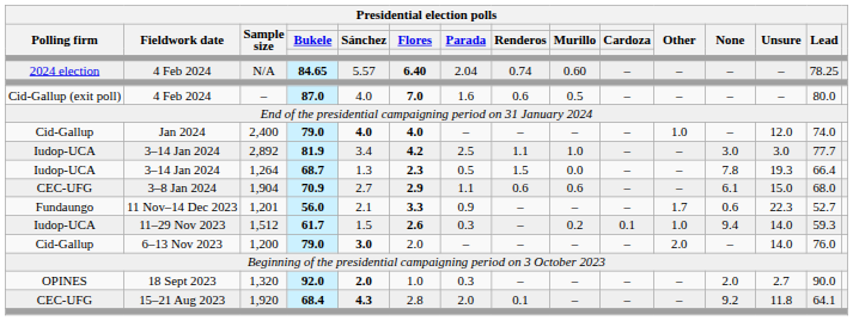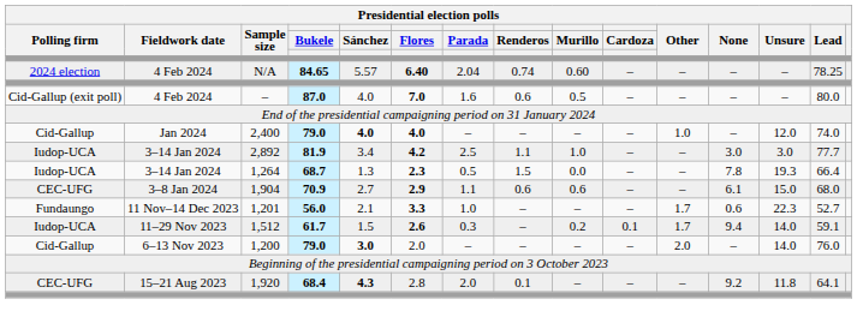 <table class="wikitable" style="text-align:center;font-size:90%;line-height:14px">
 <tr>
 <th colspan="15">Presidential election polls</th>
 </tr>
 <tr>
 <th rowspan="3">Polling firm</th>
 <th rowspan="3">Fieldwork date</th>
 <th rowspan="3">Sample<br>size</th>
 <th style="width:50px;"></th>
 <th style="width:50px;"></th>
 <th style="width:50px;"></th>
 <th style="width:50px;"></th>
 <th style="width:50px;"></th>
 <th style="width:50px;"></th>
 <th style="width:50px;"></th>
 <th style="width:50px;" rowspan="3">Other</th>
 <th style="width:50px;" rowspan="3">None</th>
 <th style="width:50px;" rowspan="3">Unsure</th>
 <th style="width:30px;" rowspan="3">Lead</th>
 <th rowspan="3"></th>
 </tr>
 <tr>
 <th style="width:50px;"><a href='#'>Bukele</a><br></th>
 <th style="width:50px;">Sánchez<br></th>
 <th style="width:50px;"><a href='#'>Flores</a><br></th>
 <th style="width:50px;"><a href='#'>Parada</a><br></th>
 <th style="width:50px;">Renderos<br></th>
 <th style="width:50px;">Murillo<br></th>
 <th style="width:50px;">Cardoza<br></th>
 </tr>
 <tr>
 <th style="color:inherit;background:"></th>
 <th style="color:inherit;background:"></th>
 <th style="color:inherit;background:"></th>
 <th style="color:inherit;background:"></th>
 <th style="color:inherit;background:"></th>
 <th style="color:inherit;background:"></th>
 <th style="color:inherit;background:"></th>
 </tr>
 <tr>
 <td colspan="15" style="background:#A0A0A0"></td>
 </tr>
 <tr style="background:#EFEFEF;">
 <td><a href='#'>2024 election</a></td>
 <td>4 Feb 2024</td>
 <td>N/A</td>
 <td style="background:#CCF1FF;"><strong>84.65</strong></td>
 <td>5.57</td>
 <td><strong>6.40</strong></td>
 <td>2.04</td>
 <td>0.74</td>
 <td>0.60</td>
 <td>–</td>
 <td>–</td>
 <td>–</td>
 <td>–</td>
 <td style="background:">78.25</td>
 <td></td>
 </tr>
 <tr>
 <td colspan="15" style="background:#A0A0A0"></td>
 </tr>
 <tr>
 <td>Cid-Gallup (exit poll)</td>
 <td>4 Feb 2024</td>
 <td>–</td>
 <td style="background:#CCF1FF;"><strong>87.0</strong></td>
 <td>4.0</td>
 <td><strong>7.0</strong></td>
 <td>1.6</td>
 <td>0.6</td>
 <td>0.5</td>
 <td>–</td>
 <td>–</td>
 <td>–</td>
 <td>–</td>
 <td style="background:">80.0</td>
 <td></td>
 </tr>
 <tr style="background:#EFEFEF;">
 <td colspan="15"><em>End of the presidential campaigning period on 31 January 2024</em></td>
 </tr>
 <tr>
 <td>Cid-Gallup</td>
 <td>Jan 2024</td>
 <td>2,400</td>
 <td style="background:#CCF1FF;"><strong>79.0</strong></td>
 <td><strong>4.0</strong></td>
 <td><strong>4.0</strong></td>
 <td>–</td>
 <td>–</td>
 <td>–</td>
 <td>–</td>
 <td>1.0</td>
 <td>–</td>
 <td>12.0</td>
 <td style="background:">74.0</td>
 <td></td>
 </tr>
 <tr style="background:#EFEFEF;">
 <td>Iudop-UCA</td>
 <td>3–14 Jan 2024</td>
 <td>2,892</td>
 <td style="background:#CCF1FF;"><strong>81.9</strong></td>
 <td>3.4</td>
 <td><strong>4.2</strong></td>
 <td>2.5</td>
 <td>1.1</td>
 <td>1.0</td>
 <td>–</td>
 <td>–</td>
 <td>3.0</td>
 <td>3.0</td>
 <td style="background:">77.7</td>
 <td></td>
 </tr>
 <tr>
 <td>Iudop-UCA</td>
 <td>3–14 Jan 2024</td>
 <td>1,264</td>
 <td style="background:#CCF1FF;"><strong>68.7</strong></td>
 <td>1.3</td>
 <td><strong>2.3</strong></td>
 <td>0.5</td>
 <td>1.5</td>
 <td>0.0</td>
 <td>–</td>
 <td>–</td>
 <td>7.8</td>
 <td>19.3</td>
 <td style="background:">66.4</td>
 <td></td>
 </tr>
 <tr style="background:#EFEFEF;">
 <td>CEC-UFG</td>
 <td>3–8 Jan 2024</td>
 <td>1,904</td>
 <td style="background:#CCF1FF;"><strong>70.9</strong></td>
 <td>2.7</td>
 <td><strong>2.9</strong></td>
 <td>1.1</td>
 <td>0.6</td>
 <td>0.6</td>
 <td>–</td>
 <td>–</td>
 <td>6.1</td>
 <td>15.0</td>
 <td style="background:">68.0</td>
 <td></td>
 </tr>
 <tr>
 <td>Fundaungo</td>
 <td>11 Nov–14 Dec 2023</td>
 <td>1,201</td>
 <td style="background:#CCF1FF;"><strong>56.0</strong></td>
 <td>2.1</td>
 <td><strong>3.3</strong></td>
-<td>0.9</td>
+<td>1.0</td>
 <td>–</td>
 <td>–</td>
 <td>–</td>
 <td>1.7</td>
 <td>0.6</td>
 <td>22.3</td>
 <td style="background:">52.7</td>
 <td></td>
 </tr>
 <tr style="background:#EFEFEF;">
 <td>Iudop-UCA</td>
 <td>11–29 Nov 2023</td>
 <td>1,512</td>
 <td style="background:#CCF1FF;"><strong>61.7</strong></td>
 <td>1.5</td>
 <td><strong>2.6</strong></td>
 <td>0.3</td>
 <td>–</td>
 <td>0.2</td>
 <td>0.1</td>
-<td>1.0</td>
+<td>1.7</td>
 <td>9.4</td>
 <td>14.0</td>
-<td style="background:">59.3</td>
+<td style="background:">59.1</td>
 <td></td>
 </tr>
 <tr>
 <td>Cid-Gallup</td>
 <td>6–13 Nov 2023</td>
 <td>1,200</td>
 <td style="background:#CCF1FF;"><strong>79.0</strong></td>
 <td><strong>3.0</strong></td>
 <td>2.0</td>
 <td>–</td>
 <td>–</td>
 <td>–</td>
 <td>–</td>
 <td>2.0</td>
 <td>–</td>
 <td>14.0</td>
 <td style="background:">76.0</td>
 <td></td>
 </tr>
 <tr style="background:#EFEFEF;">
 <td colspan="15"><em>Beginning of the presidential campaigning period on 3 October 2023</em></td>
 </tr>
-<tr>
-<td>OPINES</td>
-<td>18 Sept 2023</td>
-<td>1,320</td>
-<td style="background:#CCF1FF;"><strong>92.0</strong></td>
-<td><strong>2.0</strong></td>
-<td>1.0</td>
-<td>0.3</td>
-<td>–</td>
-<td>–</td>
-<td>–</td>
-<td>–</td>
-<td>2.0</td>
-<td>2.7</td>
-<td style="background:">90.0</td>
-<td></td>
-</tr>
 <tr style="background:#EFEFEF;">
 <td>CEC-UFG</td>
 <td>15–21 Aug 2023</td>
 <td>1,920</td>
 <td style="background:#CCF1FF;"><strong>68.4</strong></td>
 <td><strong>4.3</strong></td>
 <td>2.8</td>
 <td>2.0</td>
 <td>0.1</td>
 <td>–</td>
 <td>–</td>
 <td>–</td>
 <td>9.2</td>
 <td>11.8</td>
 <td style="background:">64.1</td>
 <td></td>
 </tr>
 <tr>
 <td colspan="15" style="background:#A0A0A0"></td>
 </tr>
 </table>
